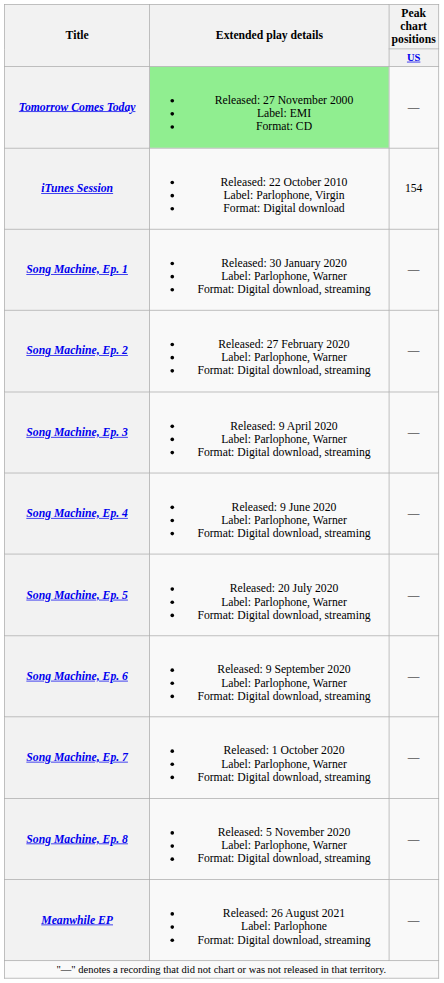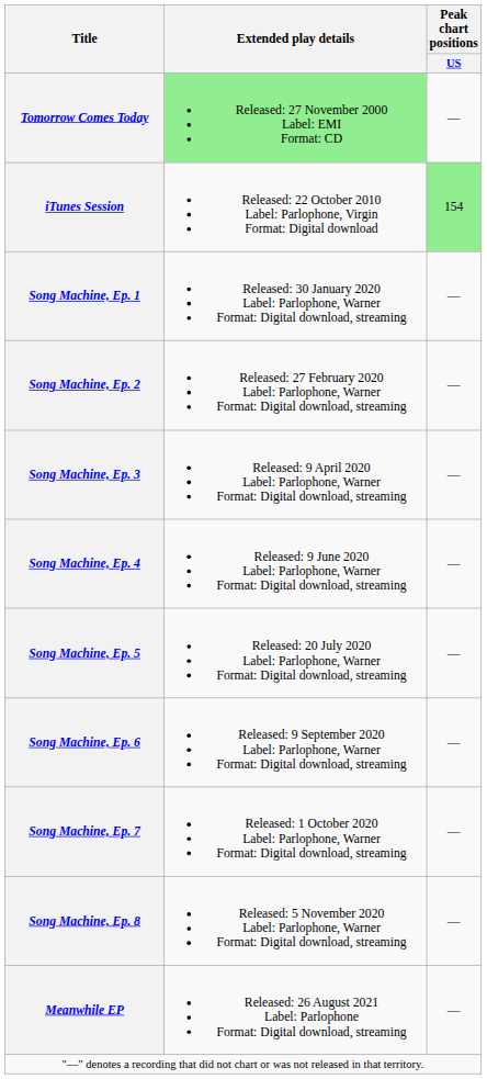 <table class="wikitable plainrowheaders" style="text-align:center;">
 <tr>
 <th scope="col" rowspan="2" style="width:12em;">Title</th>
 <th scope="col" rowspan="2" style="width:20em;">Extended play details</th>
 <th scope="col" colspan="1">Peak chart positions</th>
 </tr>
 <tr>
 <th scope="col" style="width:2.9em;font-size:90%;"><a href='#'>US</a><br></th>
 </tr>
 <tr>
 <th scope="row"><em><a href='#'>Tomorrow Comes Today</a></em></th>
 <td style="background: lightgreen;"><br><ul><li>Released: 27 November 2000 </li><li>Label: EMI</li><li>Format: CD</li></ul></td>
 <td>—</td>
 </tr>
 <tr>
 <th scope="row"><em><a href='#'>iTunes Session</a></em></th>
 <td><br><ul><li>Released: 22 October 2010</li><li>Label: Parlophone, Virgin</li><li>Format: Digital download</li></ul></td>
-<td>154</td>
+<td style="background: lightgreen;">154</td>
 </tr>
 <tr>
 <th scope="row"><em><a href='#'>Song Machine, Ep. 1</a></em></th>
 <td><br><ul><li>Released: 30 January 2020</li><li>Label: Parlophone, Warner</li><li>Format: Digital download, streaming</li></ul></td>
 <td>—</td>
 </tr>
 <tr>
 <th scope="row"><em><a href='#'>Song Machine, Ep. 2</a></em></th>
 <td><br><ul><li>Released: 27 February 2020</li><li>Label: Parlophone, Warner</li><li>Format: Digital download, streaming</li></ul></td>
 <td>—</td>
 </tr>
 <tr>
 <th scope="row"><em><a href='#'>Song Machine, Ep. 3</a></em></th>
 <td><br><ul><li>Released: 9 April 2020</li><li>Label: Parlophone, Warner</li><li>Format: Digital download, streaming</li></ul></td>
 <td>—</td>
 </tr>
 <tr>
 <th scope="row"><em><a href='#'>Song Machine, Ep. 4</a></em></th>
 <td><br><ul><li>Released: 9 June 2020</li><li>Label: Parlophone, Warner</li><li>Format: Digital download, streaming</li></ul></td>
 <td>—</td>
 </tr>
 <tr>
 <th scope="row"><em><a href='#'>Song Machine, Ep. 5</a></em></th>
 <td><br><ul><li>Released: 20 July 2020</li><li>Label: Parlophone, Warner</li><li>Format: Digital download, streaming</li></ul></td>
 <td>—</td>
 </tr>
 <tr>
 <th scope="row"><em><a href='#'>Song Machine, Ep. 6</a></em></th>
 <td><br><ul><li>Released: 9 September 2020</li><li>Label: Parlophone, Warner</li><li>Format: Digital download, streaming</li></ul></td>
 <td>—</td>
 </tr>
 <tr>
 <th scope="row"><em><a href='#'>Song Machine, Ep. 7</a></em></th>
 <td><br><ul><li>Released: 1 October 2020</li><li>Label: Parlophone, Warner</li><li>Format: Digital download, streaming</li></ul></td>
 <td>—</td>
 </tr>
 <tr>
 <th scope="row"><em><a href='#'>Song Machine, Ep. 8</a></em></th>
 <td><br><ul><li>Released: 5 November 2020</li><li>Label: Parlophone, Warner</li><li>Format: Digital download, streaming</li></ul></td>
 <td>—</td>
 </tr>
 <tr>
 <th scope="row"><em><a href='#'>Meanwhile EP</a></em></th>
 <td><br><ul><li>Released: 26 August 2021</li><li>Label: Parlophone</li><li>Format: Digital download, streaming</li></ul></td>
 <td>—</td>
 </tr>
 <tr>
 <td colspan="6" style="font-size:90%">"—" denotes a recording that did not chart or was not released in that territory.</td>
 </tr>
 </table>
